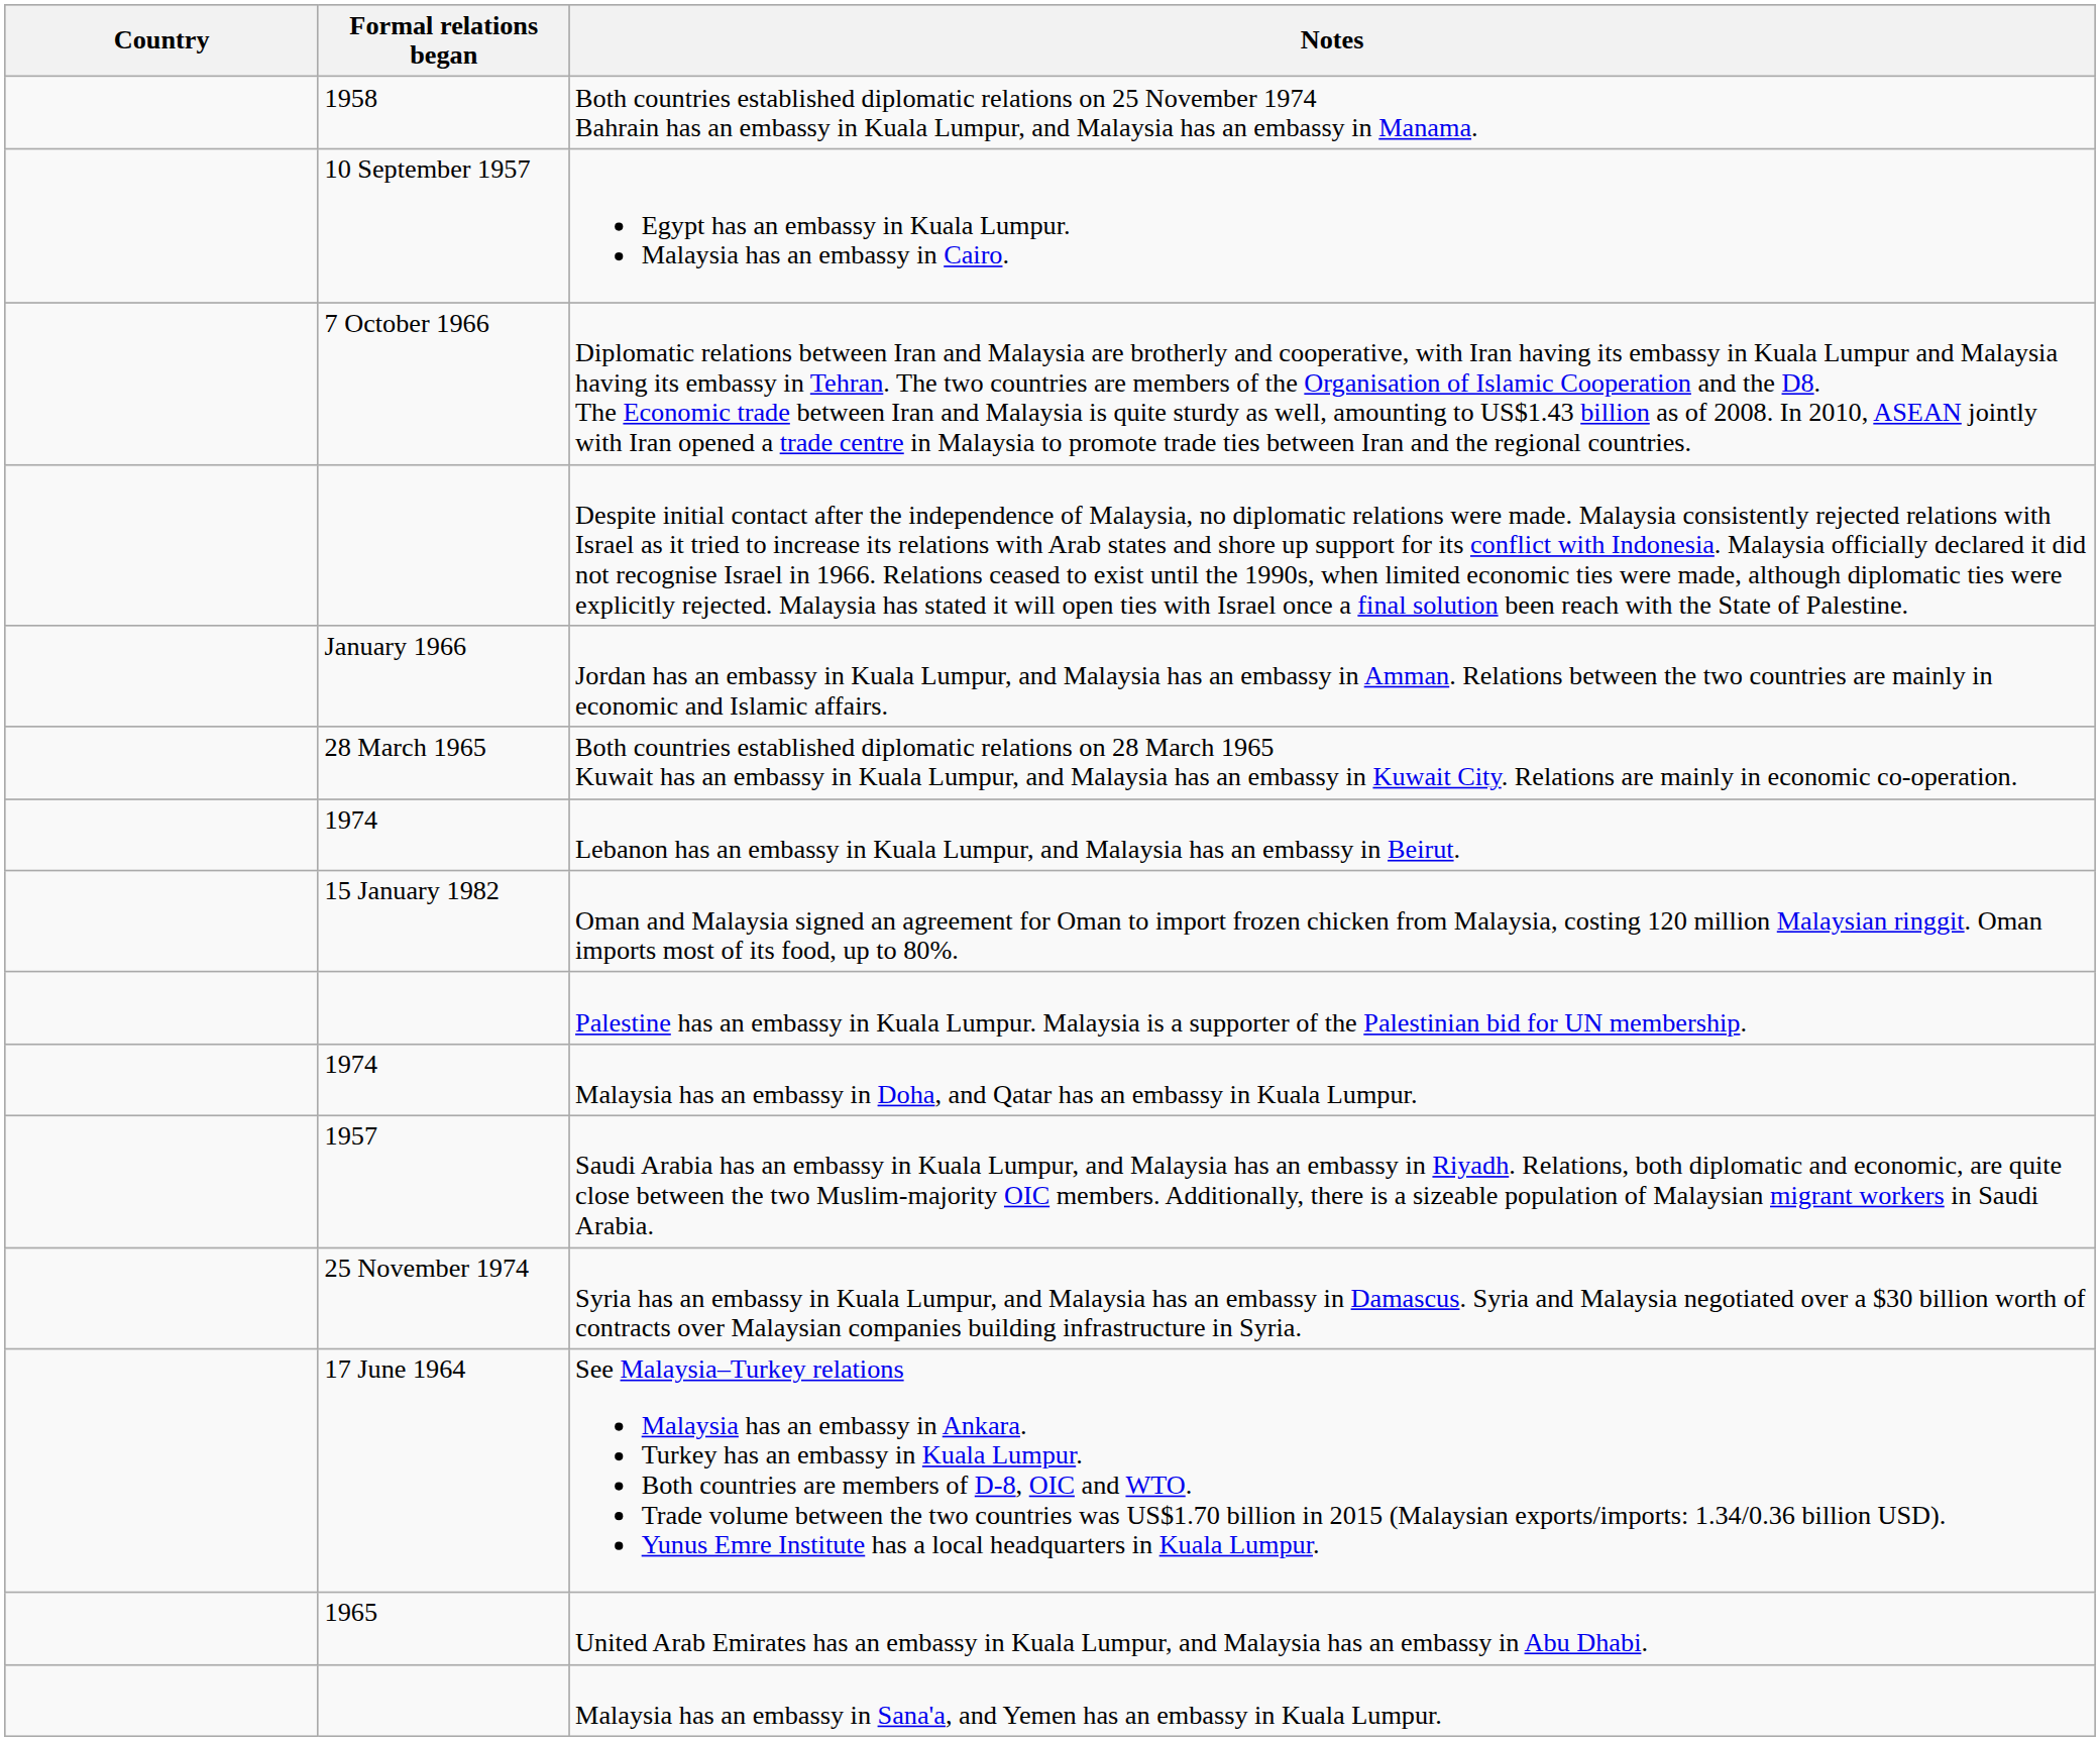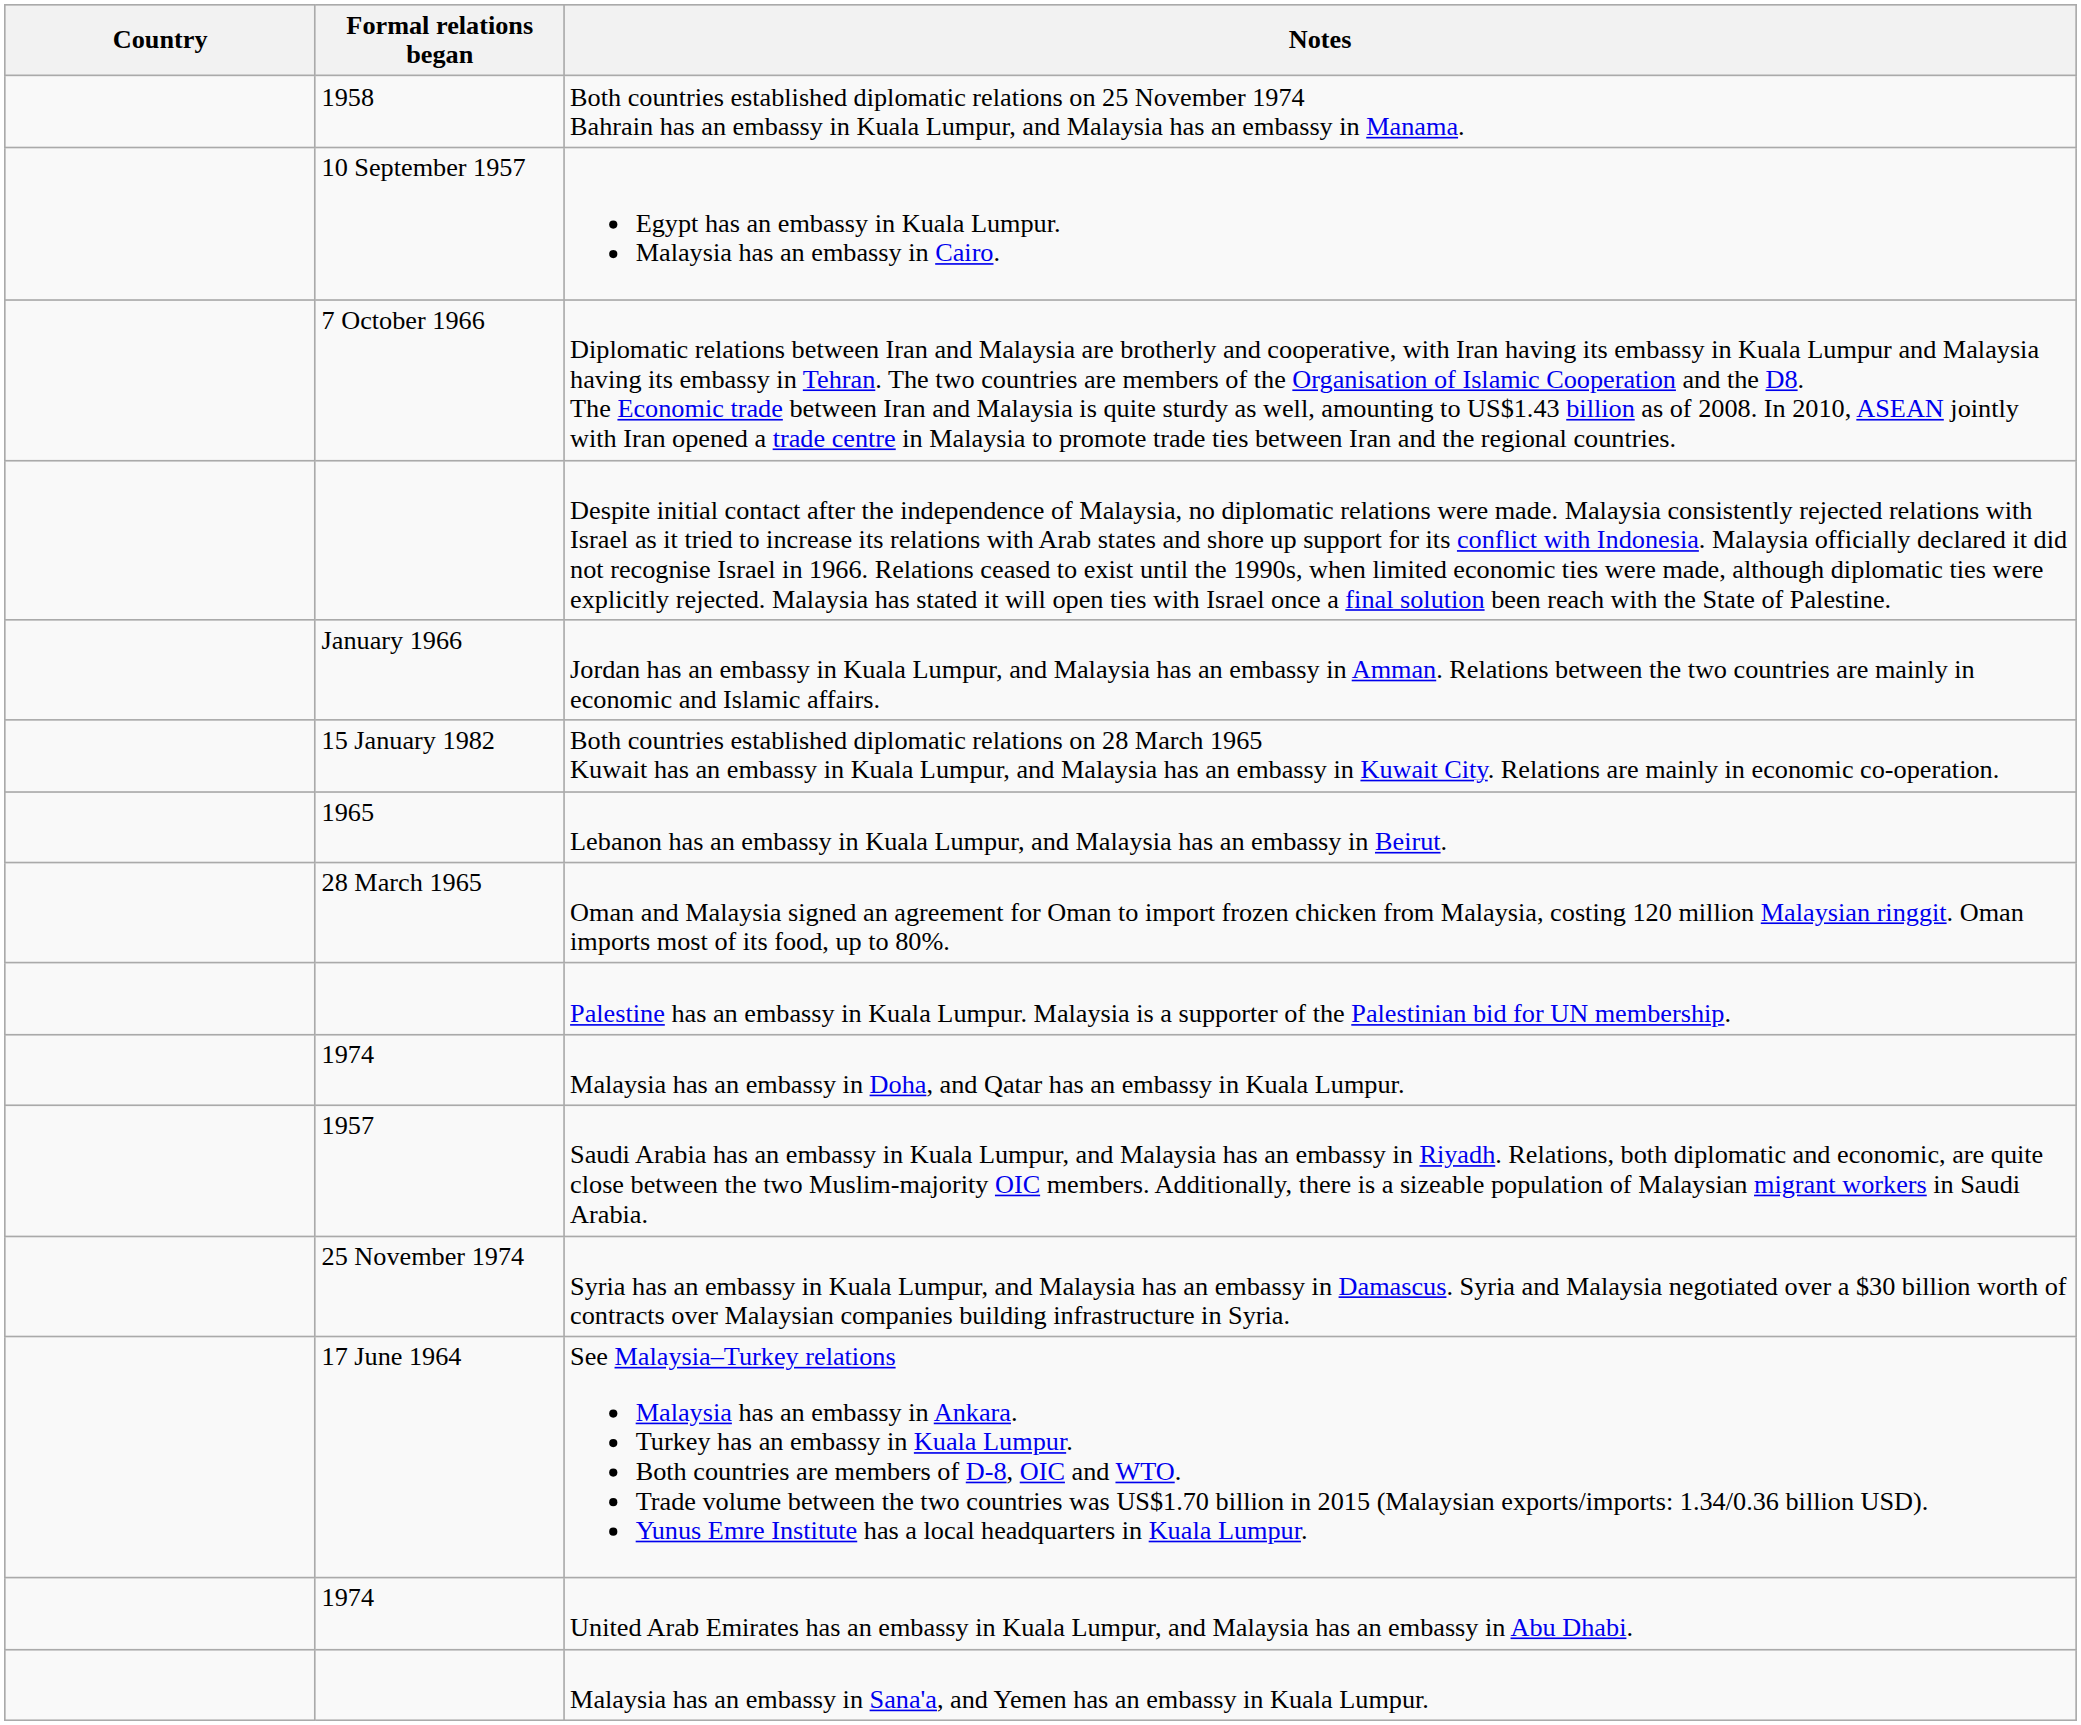 <table class="wikitable sortable" style="width:100%; margin:auto;">
 <tr>
 <th style="width:15%;">Country</th>
 <th style="width:12%;">Formal relations began</th>
 <th>Notes</th>
 </tr>
 <tr valign="top">
 <td></td>
 <td>1958</td>
 <td>Both countries established diplomatic relations on 25 November 1974<br>Bahrain has an embassy in Kuala Lumpur, and Malaysia has an embassy in <a href='#'>Manama</a>.</td>
 </tr>
 <tr valign="top">
 <td></td>
 <td>10 September 1957</td>
 <td><br><ul><li>Egypt has an embassy in Kuala Lumpur.</li><li>Malaysia has an embassy in <a href='#'>Cairo</a>.</li></ul></td>
 </tr>
 <tr valign="top">
 <td></td>
 <td>7 October 1966</td>
 <td><br>Diplomatic relations between Iran and Malaysia are brotherly and cooperative, with Iran having its embassy in Kuala Lumpur and Malaysia having its embassy in <a href='#'>Tehran</a>. The two countries are members of the <a href='#'>Organisation of Islamic Cooperation</a> and the <a href='#'>D8</a>.<br>The <a href='#'>Economic trade</a> between Iran and Malaysia is quite sturdy as well, amounting to US$1.43 <a href='#'>billion</a> as of 2008. In 2010, <a href='#'>ASEAN</a> jointly with Iran opened a <a href='#'>trade centre</a> in Malaysia to promote trade ties between Iran and the regional countries.</td>
 </tr>
 <tr valign="top">
 <td></td>
 <td></td>
 <td><br>Despite initial contact after the independence of Malaysia, no diplomatic relations were made. Malaysia consistently rejected relations with Israel as it tried to increase its relations with Arab states and shore up support for its <a href='#'>conflict with Indonesia</a>. Malaysia officially declared it did not recognise Israel in 1966. Relations ceased to exist until the 1990s, when limited economic ties were made, although diplomatic ties were explicitly rejected. Malaysia has stated it will open ties with Israel once a <a href='#'>final solution</a> been reach with the State of Palestine.</td>
 </tr>
 <tr valign="top">
 <td></td>
 <td>January 1966</td>
 <td><br>Jordan has an embassy in Kuala Lumpur, and Malaysia has an embassy in <a href='#'>Amman</a>. Relations between the two countries are mainly in economic and Islamic affairs.</td>
 </tr>
 <tr valign="top">
 <td></td>
-<td>28 March 1965</td>
+<td>15 January 1982</td>
 <td>Both countries established diplomatic relations on 28 March 1965<br>Kuwait has an embassy in Kuala Lumpur, and Malaysia has an embassy in <a href='#'>Kuwait City</a>. Relations are mainly in economic co-operation.</td>
 </tr>
 <tr valign="top">
 <td></td>
-<td>1974</td>
+<td>1965</td>
 <td><br>Lebanon has an embassy in Kuala Lumpur, and Malaysia has an embassy in <a href='#'>Beirut</a>.</td>
 </tr>
 <tr valign="top">
 <td></td>
-<td>15 January 1982</td>
+<td>28 March 1965</td>
 <td><br>Oman and Malaysia signed an agreement for Oman to import frozen chicken from Malaysia, costing 120 million <a href='#'>Malaysian ringgit</a>. Oman imports most of its food, up to 80%.</td>
 </tr>
 <tr valign="top">
 <td></td>
 <td></td>
 <td><br><a href='#'>Palestine</a> has an embassy in Kuala Lumpur. Malaysia is a supporter of the <a href='#'>Palestinian bid for UN membership</a>.</td>
 </tr>
 <tr valign="top">
 <td></td>
 <td>1974</td>
 <td><br>Malaysia has an embassy in <a href='#'>Doha</a>, and Qatar has an embassy in Kuala Lumpur.</td>
 </tr>
 <tr valign="top">
 <td></td>
 <td>1957</td>
 <td><br>Saudi Arabia has an embassy in Kuala Lumpur, and Malaysia has an embassy in <a href='#'>Riyadh</a>. Relations, both diplomatic and economic, are quite close between the two Muslim-majority <a href='#'>OIC</a> members. Additionally, there is a sizeable population of Malaysian <a href='#'>migrant workers</a> in Saudi Arabia.</td>
 </tr>
 <tr valign="top">
 <td></td>
 <td>25 November 1974</td>
 <td><br>Syria has an embassy in Kuala Lumpur, and Malaysia has an embassy in <a href='#'>Damascus</a>. Syria and Malaysia negotiated over a $30 billion worth of contracts over Malaysian companies building infrastructure in Syria.</td>
 </tr>
 <tr valign="top">
 <td></td>
 <td>17 June 1964</td>
 <td>See <a href='#'>Malaysia–Turkey relations</a><br><ul><li><a href='#'>Malaysia</a> has an embassy in <a href='#'>Ankara</a>.</li><li>Turkey has an embassy in <a href='#'>Kuala Lumpur</a>.</li><li>Both countries are members of <a href='#'>D-8</a>, <a href='#'>OIC</a> and <a href='#'>WTO</a>.</li><li>Trade volume between the two countries was US$1.70 billion in 2015 (Malaysian exports/imports: 1.34/0.36 billion USD).</li><li><a href='#'>Yunus Emre Institute</a> has a local headquarters in <a href='#'>Kuala Lumpur</a>.</li></ul></td>
 </tr>
 <tr valign="top">
 <td></td>
-<td>1965</td>
+<td>1974</td>
 <td><br>United Arab Emirates has an embassy in Kuala Lumpur, and Malaysia has an embassy in <a href='#'>Abu Dhabi</a>.</td>
 </tr>
 <tr valign="top">
 <td></td>
 <td></td>
 <td><br>Malaysia has an embassy in <a href='#'>Sana'a</a>, and Yemen has an embassy in Kuala Lumpur.</td>
 </tr>
 </table>
